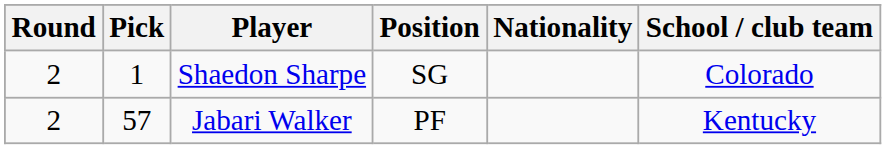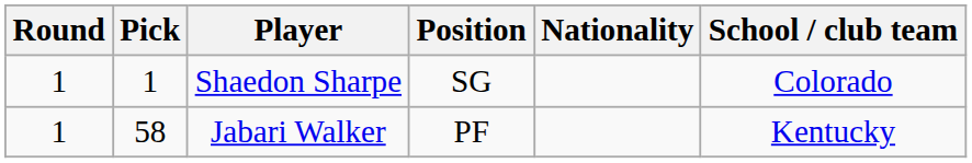 <table class="wikitable sortable sortable">
 <tr>
 <th>Round</th>
 <th>Pick</th>
 <th>Player</th>
 <th>Position</th>
 <th>Nationality</th>
 <th>School / club team</th>
 </tr>
 <tr style="text-align: center">
-<td>2</td>
+<td>1</td>
 <td>1</td>
 <td><a href='#'>Shaedon Sharpe</a></td>
 <td>SG</td>
 <td></td>
 <td><a href='#'>Colorado</a></td>
 </tr>
 <tr style="text-align: center">
-<td>2</td>
-<td>57</td>
+<td>1</td>
+<td>58</td>
 <td><a href='#'>Jabari Walker</a></td>
 <td>PF</td>
 <td></td>
 <td><a href='#'>Kentucky</a></td>
 </tr>
 </table>
